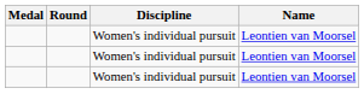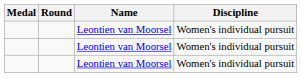 <table class="wikitable sortable">
 <tr>
 <th>Medal</th>
 <th>Round</th>
+<th>Name</th>
 <th>Discipline</th>
-<th>Name</th>
 </tr>
 <tr>
 <td></td>
 <td></td>
+<td><a href='#'>Leontien van Moorsel</a></td>
 <td>Women's individual pursuit</td>
-<td><a href='#'>Leontien van Moorsel</a></td>
 </tr>
 <tr>
 <td></td>
 <td></td>
+<td><a href='#'>Leontien van Moorsel</a></td>
 <td>Women's individual pursuit</td>
-<td><a href='#'>Leontien van Moorsel</a></td>
 </tr>
 <tr>
 <td></td>
 <td><strong></strong></td>
+<td><a href='#'>Leontien van Moorsel</a></td>
 <td>Women's individual pursuit</td>
-<td><a href='#'>Leontien van Moorsel</a></td>
 </tr>
 </table>
